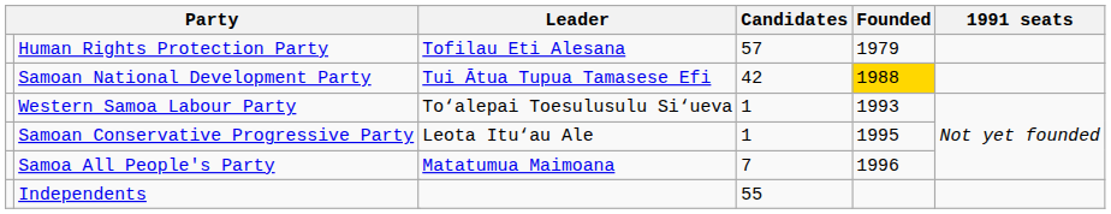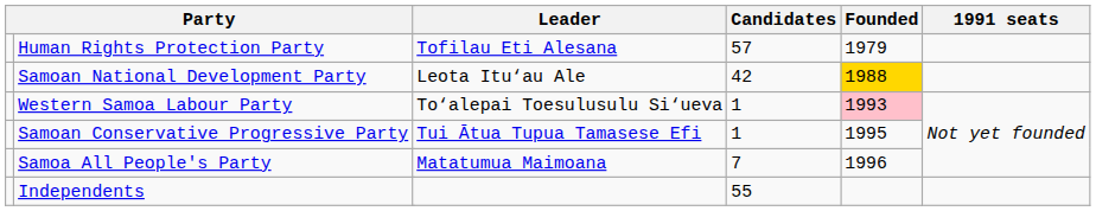 <table class=wikitable>
 <tr>
 <th colspan=3>Party</th>
 <th>Leader</th>
 <th>Candidates</th>
 <th>Founded</th>
 <th>1991 seats</th>
 </tr>
 <tr>
 <td style="background:"></td>
 <td colspan="2"><a href='#'>Human Rights Protection Party</a></td>
 <td><a href='#'>Tofilau Eti Alesana</a></td>
 <td>57</td>
 <td>1979</td>
 <td></td>
 </tr>
 <tr>
 <td style="background:"></td>
 <td colspan="2"><a href='#'>Samoan National Development Party</a></td>
-<td><a href='#'>Tui Ātua Tupua Tamasese Efi</a></td>
+<td>Leota Itu‘au Ale</td>
 <td>42</td>
 <td style="background: gold;">1988</td>
 <td></td>
 </tr>
 <tr>
 <td style="background:"></td>
 <td colspan="2"><a href='#'>Western Samoa Labour Party</a></td>
 <td>To‘alepai Toesulusulu Si‘ueva</td>
 <td>1</td>
-<td>1993</td>
+<td style="background: pink;">1993</td>
 <td rowspan=3><em>Not yet founded</em></td>
 </tr>
 <tr>
 <td style="background:"></td>
 <td colspan="2"><a href='#'>Samoan Conservative Progressive Party</a></td>
-<td>Leota Itu‘au Ale</td>
+<td><a href='#'>Tui Ātua Tupua Tamasese Efi</a></td>
 <td>1</td>
 <td>1995</td>
 </tr>
 <tr>
 <td style="background:"></td>
 <td colspan="2"><a href='#'>Samoa All People's Party</a></td>
 <td><a href='#'>Matatumua Maimoana</a></td>
 <td>7</td>
 <td>1996</td>
 </tr>
 <tr>
 <td style="background:"></td>
 <td colspan="2"><a href='#'>Independents</a></td>
 <td></td>
 <td>55</td>
 <td></td>
 <td></td>
 </tr>
 </table>
